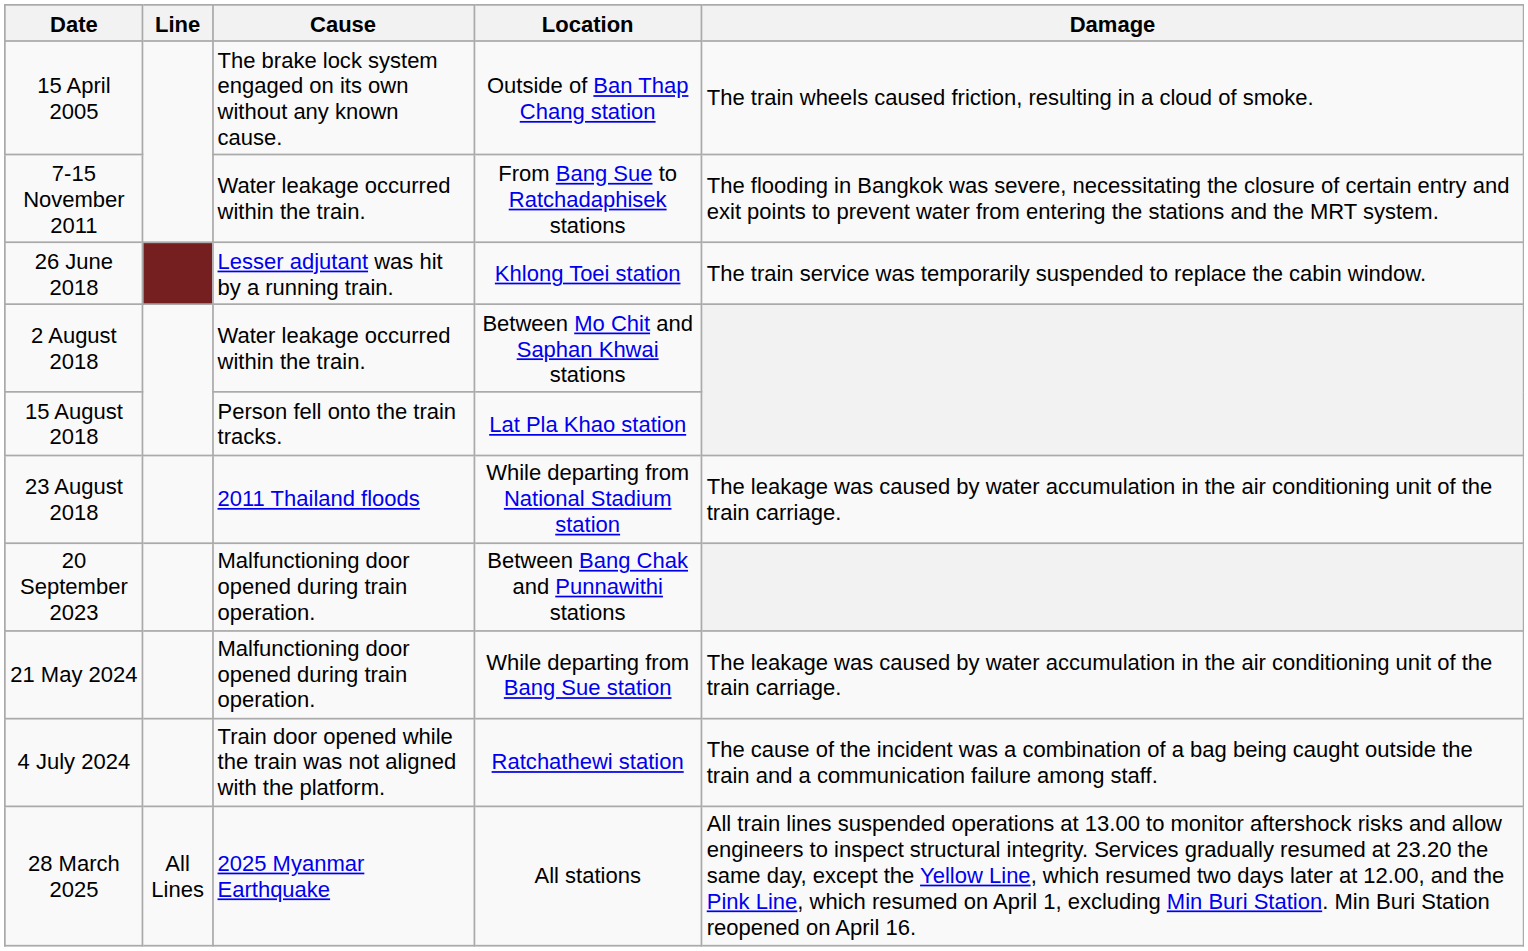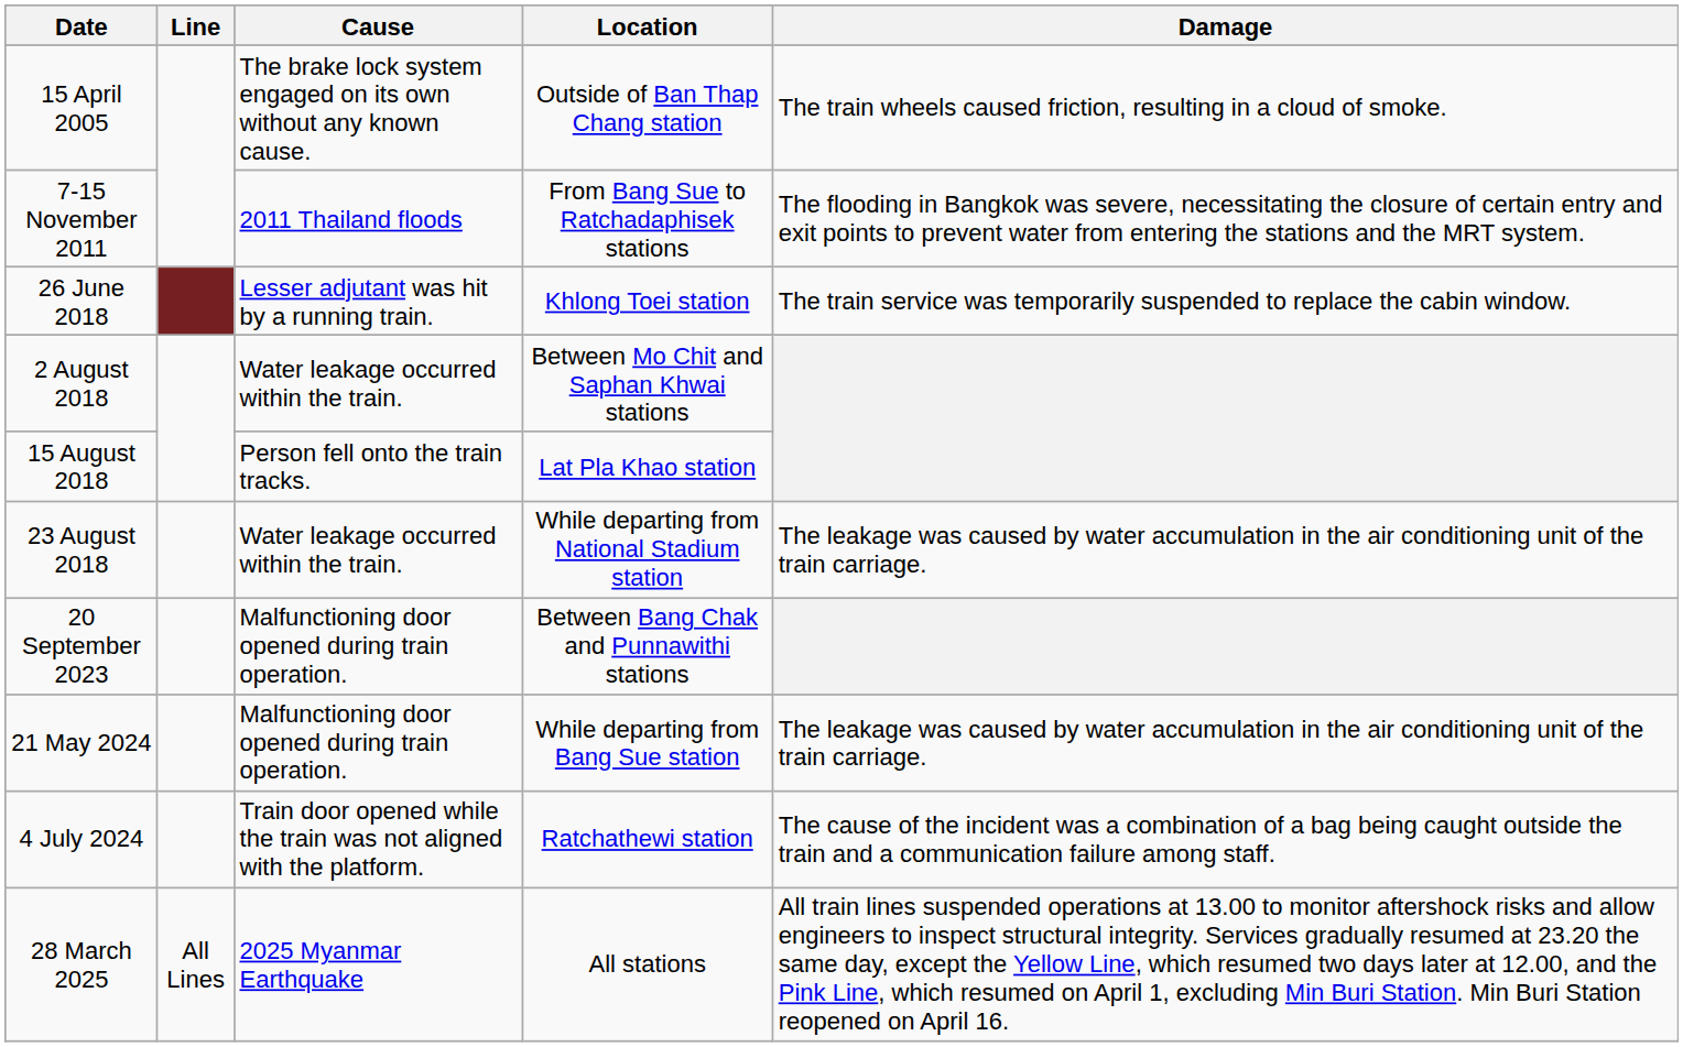 <table class="wikitable" style="margin:auto;font-align:center;text-align:center;font-size:80%;">
 <tr>
 <th>Date</th>
 <th>Line</th>
 <th>Cause</th>
 <th>Location</th>
 <th>Damage</th>
 </tr>
 <tr>
 <td>15 April 2005</td>
 <td rowspan="2" style="background:#"><strong><a href='#'></a></strong></td>
 <td align="left">The brake lock system engaged on its own without any known cause.</td>
 <td>Outside of <a href='#'>Ban Thap Chang station</a></td>
 <td align="left">The train wheels caused friction, resulting in a cloud of smoke.</td>
 </tr>
 <tr>
 <td>7-15 November 2011</td>
-<td align="left">Water leakage occurred within the train.</td>
+<td align="left"><a href='#'>2011 Thailand floods</a></td>
 <td>From <a href='#'>Bang Sue</a> to <a href='#'>Ratchadaphisek</a> stations</td>
 <td align="left">The flooding in Bangkok was severe, necessitating the closure of certain entry and exit points to prevent water from entering the stations and the MRT system.</td>
 </tr>
 <tr>
 <td>26 June 2018</td>
 <td style="background:#761f21"><strong><a href='#'></a></strong></td>
 <td align="left"><a href='#'>Lesser adjutant</a> was hit by a running train.</td>
 <td><a href='#'>Khlong Toei station</a></td>
 <td align="left">The train service was temporarily suspended to replace the cabin window.</td>
 </tr>
 <tr>
 <td>2 August 2018</td>
 <td rowspan="2" style="background:#"><strong><a href='#'></a></strong></td>
 <td align="left">Water leakage occurred within the train.</td>
 <td>Between <a href='#'>Mo Chit</a> and <a href='#'>Saphan Khwai</a> stations</td>
 <th rowspan="2"></th>
 </tr>
 <tr>
 <td>15 August 2018</td>
 <td align="left">Person fell onto the train tracks.</td>
 <td><a href='#'>Lat Pla Khao station</a></td>
 </tr>
 <tr>
 <td>23 August 2018</td>
 <td style="background:#"><strong><a href='#'></a></strong></td>
-<td align="left"><a href='#'>2011 Thailand floods</a></td>
+<td align="left">Water leakage occurred within the train.</td>
 <td>While departing from <a href='#'>National Stadium station</a></td>
 <td align="left">The leakage was caused by water accumulation in the air conditioning unit of the train carriage.</td>
 </tr>
 <tr>
 <td>20 September 2023</td>
 <td style="background:#"><strong><a href='#'></a></strong></td>
 <td align="left">Malfunctioning door opened during train operation.</td>
 <td>Between <a href='#'>Bang Chak</a> and <a href='#'>Punnawithi</a> stations</td>
 <th></th>
 </tr>
 <tr>
 <td>21 May 2024</td>
 <td style="background:#"><strong><a href='#'></a></strong></td>
 <td align="left">Malfunctioning door opened during train operation.</td>
 <td>While departing from <a href='#'>Bang Sue station</a></td>
 <td align="left">The leakage was caused by water accumulation in the air conditioning unit of the train carriage.</td>
 </tr>
 <tr>
 <td>4 July 2024</td>
 <td style="background:#"><strong><a href='#'></a></strong></td>
 <td align="left">Train door opened while the train was not aligned with the platform.</td>
 <td><a href='#'>Ratchathewi station</a></td>
 <td align="left">The cause of the incident was a combination of a bag being caught outside the train and a communication failure among staff.</td>
 </tr>
 <tr>
 <td>28 March 2025</td>
 <td>All Lines</td>
 <td align="left"><a href='#'>2025 Myanmar Earthquake</a></td>
 <td>All stations</td>
 <td align="left">All train lines suspended operations at 13.00 to monitor aftershock risks and allow engineers to inspect structural integrity. Services gradually resumed at 23.20 the same day, except the <a href='#'>Yellow Line</a>, which resumed two days later at 12.00, and the <a href='#'>Pink Line</a>, which resumed on April 1, excluding <a href='#'>Min Buri Station</a>. Min Buri Station reopened on April 16.</td>
 </tr>
 </table>
